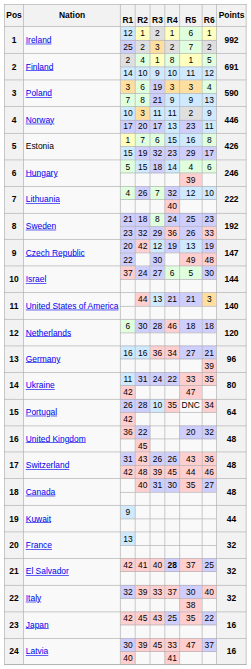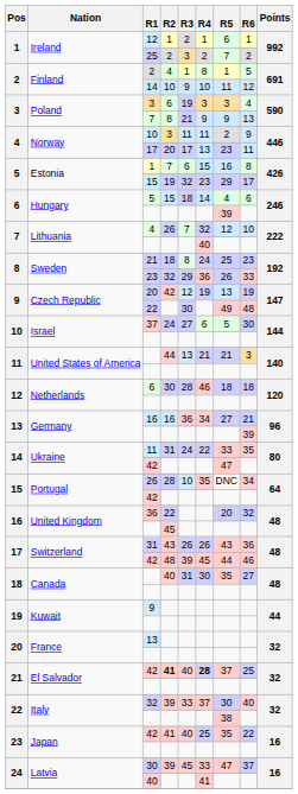 <table class="wikitable" style="font-size:85%;text-align:center">
 <tr>
 <th>Pos</th>
 <th>Nation</th>
 <th><br>R1</th>
 <th><br>R2</th>
 <th><br>R3</th>
 <th><br>R4</th>
 <th><br>R5</th>
 <th><br>R6</th>
 <th>Points</th>
 </tr>
 <tr>
 <th rowspan="2">1</th>
 <td rowspan="2" align="left"> <a href='#'>Ireland</a></td>
 <td style="background:#cfeaff">12</td>
 <td style="background:#ffffbf;">1</td>
 <td style="background:#dfdfdf;">2</td>
 <td style="background:#ffffbf;">1</td>
 <td style="background:#dfffdf">6</td>
 <td style="background:#ffffbf;">1</td>
 <th rowspan="2">992</th>
 </tr>
 <tr>
 <td style="background:#cfcfff">25</td>
 <td style="background:#dfdfdf;">2</td>
 <td style="background:#ffdf9f;">3</td>
 <td style="background:#dfdfdf;">2</td>
 <td style="background:#dfffdf">7</td>
 <td style="background:#dfdfdf;">2</td>
 </tr>
 <tr>
 <th rowspan="2">2</th>
 <td rowspan="2" align="left"> <a href='#'>Finland</a></td>
 <td style="background:#dfdfdf;">2</td>
 <td style="background:#dfffdf">4</td>
 <td style="background:#ffffbf;">1</td>
 <td style="background:#dfffdf">8</td>
 <td style="background:#ffffbf;">1</td>
 <td style="background:#dfffdf">5</td>
 <th rowspan="2">691</th>
 </tr>
 <tr>
 <td style="background:#cfeaff">14</td>
 <td style="background:#cfeaff">10</td>
 <td style="background:#cfeaff">9</td>
 <td style="background:#cfeaff">10</td>
 <td style="background:#cfeaff">11</td>
 <td style="background:#cfeaff">12</td>
 </tr>
 <tr>
 <th rowspan="2">3</th>
 <td rowspan="2" align="left"> <a href='#'>Poland</a></td>
 <td style="background:#ffdf9f;">3</td>
 <td style="background:#dfffdf">6</td>
 <td style="background:#cfcfff">19</td>
 <td style="background:#ffdf9f;">3</td>
 <td style="background:#ffdf9f;">3</td>
 <td style="background:#dfffdf">4</td>
 <th rowspan="2">590</th>
 </tr>
 <tr>
 <td style="background:#dfffdf">7</td>
 <td style="background:#dfffdf">8</td>
 <td style="background:#cfcfff">21</td>
 <td style="background:#cfeaff">9</td>
 <td style="background:#cfeaff">9</td>
 <td style="background:#cfeaff">13</td>
 </tr>
 <tr>
 <th rowspan="2">4</th>
 <td rowspan="2" align="left"> <a href='#'>Norway</a></td>
 <td style="background:#cfeaff">10</td>
 <td style="background:#ffdf9f;">3</td>
 <td style="background:#cfeaff">11</td>
 <td style="background:#cfeaff">11</td>
 <td style="background:#dfdfdf;">2</td>
 <td style="background:#cfeaff">9</td>
 <th rowspan="2">446</th>
 </tr>
 <tr>
 <td style="background:#cfcfff">17</td>
 <td style="background:#cfcfff">20</td>
 <td style="background:#cfcfff">17</td>
 <td style="background:#cfeaff">13</td>
 <td style="background:#cfcfff">23</td>
 <td style="background:#cfeaff">11</td>
 </tr>
 <tr>
 <th rowspan="2">5</th>
 <td rowspan="2" align="left"> Estonia</td>
 <td style="background:#ffffbf;">1</td>
 <td style="background:#dfffdf">7</td>
 <td style="background:#dfffdf">6</td>
 <td style="background:#cfeaff">15</td>
 <td style="background:#cfeaff">16</td>
 <td style="background:#dfffdf">8</td>
 <th rowspan="2">426</th>
 </tr>
 <tr>
 <td style="background:#cfeaff">15</td>
 <td style="background:#cfcfff">19</td>
 <td style="background:#cfcfff">32</td>
 <td style="background:#cfcfff">23</td>
 <td style="background:#cfcfff">29</td>
 <td style="background:#cfcfff">17</td>
 </tr>
 <tr>
 <th rowspan="2">6</th>
 <td rowspan="2" align="left"> <a href='#'>Hungary</a></td>
 <td style="background:#dfffdf">5</td>
 <td style="background:#cfeaff">15</td>
 <td style="background:#cfcfff">18</td>
 <td style="background:#cfeaff">14</td>
 <td style="background:#dfffdf">4</td>
 <td style="background:#dfffdf">6</td>
 <th rowspan="2">246</th>
 </tr>
 <tr>
 <td> </td>
 <td> </td>
 <td> </td>
 <td> </td>
 <td style="background:#ffcfcf;">39</td>
 <td> </td>
 </tr>
 <tr>
 <th rowspan="2">7</th>
 <td rowspan="2" align="left"> <a href='#'>Lithuania</a></td>
 <td style="background:#dfffdf">4</td>
 <td style="background:#cfcfff">26</td>
 <td style="background:#dfffdf">7</td>
 <td style="background:#cfcfff">32</td>
 <td style="background:#cfeaff">12</td>
 <td style="background:#cfeaff">10</td>
 <th rowspan="2">222</th>
 </tr>
 <tr>
 <td> </td>
 <td> </td>
 <td> </td>
 <td style="background:#ffcfcf;">40</td>
 <td> </td>
 <td> </td>
 </tr>
 <tr>
 <th rowspan="2">8</th>
 <td rowspan="2" align="left"> <a href='#'>Sweden</a></td>
 <td style="background:#cfcfff">21</td>
 <td style="background:#cfcfff">18</td>
 <td style="background:#dfffdf">8</td>
 <td style="background:#cfcfff">24</td>
 <td style="background:#cfcfff">25</td>
 <td style="background:#cfcfff">23</td>
 <th rowspan="2">192</th>
 </tr>
 <tr>
 <td style="background:#cfcfff">23</td>
 <td style="background:#cfcfff">32</td>
 <td style="background:#cfcfff">29</td>
 <td style="background:#ffcfcf;">36</td>
 <td style="background:#cfcfff">26</td>
 <td style="background:#ffcfcf;">33</td>
 </tr>
 <tr>
 <th rowspan="2">9</th>
 <td rowspan="2" align="left"> <a href='#'>Czech Republic</a></td>
 <td style="background:#cfcfff">20</td>
 <td style="background:#ffcfcf;">42</td>
 <td style="background:#cfeaff">12</td>
 <td style="background:#cfcfff">19</td>
 <td style="background:#cfeaff">13</td>
 <td style="background:#cfcfff">19</td>
 <th rowspan="2">147</th>
 </tr>
 <tr>
 <td style="background:#cfcfff">22</td>
 <td> </td>
 <td style="background:#cfcfff">30</td>
 <td> </td>
 <td style="background:#ffcfcf;">49</td>
 <td style="background:#ffcfcf;">48</td>
 </tr>
 <tr>
 <th rowspan="2">10</th>
 <td rowspan="2" align="left"> <a href='#'>Israel</a></td>
 <td style="background:#ffcfcf;">37</td>
 <td style="background:#cfcfff">24</td>
 <td style="background:#cfcfff">27</td>
 <td style="background:#dfffdf">6</td>
 <td style="background:#dfffdf">5</td>
 <td style="background:#cfcfff">30</td>
 <th rowspan="2">144</th>
 </tr>
 <tr>
 <td> </td>
 <td> </td>
 <td> </td>
 <td> </td>
 <td> </td>
 <td> </td>
 </tr>
 <tr>
 <th rowspan="2">11</th>
 <td rowspan="2" align="left"> <a href='#'>United States of America</a></td>
 <td> </td>
 <td style="background:#ffcfcf;">44</td>
 <td style="background:#cfeaff">13</td>
 <td style="background:#cfcfff">21</td>
 <td style="background:#cfcfff">21</td>
 <td style="background:#ffdf9f;">3</td>
 <th rowspan="2">140</th>
 </tr>
 <tr>
 <td> </td>
 <td> </td>
 <td> </td>
 <td> </td>
 <td> </td>
 <td> </td>
 </tr>
 <tr>
 <th rowspan="2">12</th>
 <td rowspan="2" align="left"> <a href='#'>Netherlands</a></td>
 <td style="background:#dfffdf">6</td>
 <td style="background:#cfcfff">30</td>
 <td style="background:#cfcfff">28</td>
 <td style="background:#ffcfcf;">46</td>
 <td style="background:#cfcfff">18</td>
 <td style="background:#cfcfff">18</td>
 <th rowspan="2">120</th>
 </tr>
 <tr>
 <td> </td>
 <td> </td>
 <td> </td>
 <td> </td>
 <td> </td>
 <td> </td>
 </tr>
 <tr>
 <th rowspan="2">13</th>
 <td rowspan="2" align="left"> <a href='#'>Germany</a></td>
 <td style="background:#cfeaff">16</td>
 <td style="background:#cfeaff">16</td>
 <td style="background:#ffcfcf;">36</td>
 <td style="background:#ffcfcf;">34</td>
 <td style="background:#cfcfff">27</td>
 <td style="background:#cfcfff">21</td>
 <th rowspan="2">96</th>
 </tr>
 <tr>
 <td> </td>
 <td> </td>
 <td> </td>
 <td> </td>
 <td> </td>
 <td style="background:#ffcfcf;">39</td>
 </tr>
 <tr>
 <th rowspan="2">14</th>
 <td rowspan="2" align="left"> <a href='#'>Ukraine</a></td>
 <td style="background:#cfeaff">11</td>
 <td style="background:#cfcfff">31</td>
 <td style="background:#cfcfff">24</td>
 <td style="background:#cfcfff">22</td>
 <td style="background:#ffcfcf;">33</td>
 <td style="background:#ffcfcf;">35</td>
 <th rowspan="2">80</th>
 </tr>
 <tr>
 <td style="background:#ffcfcf;">42</td>
 <td> </td>
 <td> </td>
 <td> </td>
 <td style="background:#ffcfcf;">47</td>
 <td> </td>
 </tr>
 <tr>
 <th rowspan="2">15</th>
 <td rowspan="2" align="left"> <a href='#'>Portugal</a></td>
 <td style="background:#cfcfff">26</td>
 <td style="background:#cfcfff">28</td>
 <td style="background:#cfeaff">10</td>
 <td style="background:#ffcfcf;">35</td>
 <td>DNC</td>
 <td style="background:#ffcfcf;">34</td>
 <th rowspan="2">64</th>
 </tr>
 <tr>
 <td style="background:#ffcfcf;">42</td>
 <td> </td>
 <td> </td>
 <td> </td>
 <td> </td>
 <td> </td>
 </tr>
 <tr>
 <th rowspan="2">16</th>
 <td rowspan="2" align="left"> <a href='#'>United Kingdom</a></td>
 <td style="background:#ffcfcf;">36</td>
 <td style="background:#cfcfff">22</td>
 <td> </td>
 <td> </td>
 <td style="background:#cfcfff">20</td>
 <td style="background:#cfcfff">32</td>
 <th rowspan="2">48</th>
 </tr>
 <tr>
 <td> </td>
 <td style="background:#ffcfcf;">45</td>
 <td> </td>
 <td> </td>
 <td> </td>
 <td> </td>
 </tr>
 <tr>
 <th rowspan="2">17</th>
 <td rowspan="2" align="left"> <a href='#'>Switzerland</a></td>
 <td style="background:#cfcfff">31</td>
 <td style="background:#ffcfcf;">43</td>
 <td style="background:#cfcfff">26</td>
 <td style="background:#cfcfff">26</td>
 <td style="background:#ffcfcf;">43</td>
 <td style="background:#ffcfcf;">36</td>
 <th rowspan="2">48</th>
 </tr>
 <tr>
 <td style="background:#ffcfcf;">42</td>
 <td style="background:#ffcfcf;">48</td>
 <td style="background:#ffcfcf;">39</td>
 <td style="background:#ffcfcf;">45</td>
 <td style="background:#ffcfcf;">44</td>
 <td style="background:#ffcfcf;">46</td>
 </tr>
 <tr>
 <th rowspan="2">18</th>
 <td rowspan="2" align="left"> <a href='#'>Canada</a></td>
 <td> </td>
 <td style="background:#ffcfcf;">40</td>
 <td style="background:#cfcfff">31</td>
 <td style="background:#cfcfff">30</td>
 <td style="background:#ffcfcf;">35</td>
 <td style="background:#cfcfff">27</td>
 <th rowspan="2">48</th>
 </tr>
 <tr>
 <td> </td>
 <td> </td>
 <td> </td>
 <td> </td>
 <td> </td>
 <td> </td>
 </tr>
 <tr>
 <th rowspan="2">19</th>
 <td rowspan="2" align="left"> <a href='#'>Kuwait</a></td>
 <td style="background:#cfeaff">9</td>
 <td> </td>
 <td> </td>
 <td> </td>
 <td> </td>
 <td> </td>
 <th rowspan="2">44</th>
 </tr>
 <tr>
 <td> </td>
 <td> </td>
 <td> </td>
 <td> </td>
 <td> </td>
 <td> </td>
 </tr>
 <tr>
 <th rowspan="2">20</th>
 <td rowspan="2" align="left"> <a href='#'>France</a></td>
 <td style="background:#cfeaff">13</td>
 <td> </td>
 <td> </td>
 <td> </td>
 <td> </td>
 <td> </td>
 <th rowspan="2">32</th>
 </tr>
 <tr>
 <td> </td>
 <td> </td>
 <td> </td>
 <td> </td>
 <td> </td>
 <td> </td>
 </tr>
 <tr>
 <th rowspan="2">21</th>
 <td rowspan="2" align="left"> <a href='#'>El Salvador</a></td>
 <td style="background:#ffcfcf;">42</td>
-<td style="background:#ffcfcf;">41</td>
+<td style="background:#ffcfcf;"><strong>41</strong></td>
 <td style="background:#ffcfcf;">40</td>
 <td style="background:#cfcfff"><strong>28</strong></td>
 <td style="background:#ffcfcf;">37</td>
 <td style="background:#cfcfff">25</td>
 <th rowspan="2">32</th>
 </tr>
 <tr>
 <td> </td>
 <td> </td>
 <td> </td>
 <td> </td>
 <td> </td>
 <td> </td>
 </tr>
 <tr>
 <th rowspan="2">22</th>
 <td rowspan="2" align="left"> <a href='#'>Italy</a></td>
 <td style="background:#cfcfff">32</td>
 <td style="background:#ffcfcf;">39</td>
 <td style="background:#ffcfcf;">33</td>
 <td style="background:#ffcfcf;">37</td>
 <td style="background:#cfcfff">30</td>
 <td style="background:#ffcfcf;">40</td>
 <th rowspan="2">32</th>
 </tr>
 <tr>
 <td> </td>
 <td> </td>
 <td> </td>
 <td> </td>
 <td style="background:#ffcfcf;">38</td>
 <td> </td>
 </tr>
 <tr>
 <th rowspan="2">23</th>
 <td rowspan="2" align="left"> <a href='#'>Japan</a></td>
 <td style="background:#ffcfcf;">42</td>
-<td style="background:#ffcfcf;">45</td>
-<td style="background:#ffcfcf;">43</td>
+<td style="background:#ffcfcf;">41</td>
+<td style="background:#ffcfcf;">40</td>
 <td style="background:#cfcfff">25</td>
 <td style="background:#ffcfcf;">35</td>
 <td style="background:#cfcfff">22</td>
 <th rowspan="2">16</th>
 </tr>
 <tr>
 <td> </td>
 <td> </td>
 <td> </td>
 <td> </td>
 <td> </td>
 <td> </td>
 </tr>
 <tr>
 <th rowspan="2">24</th>
 <td rowspan="2" align="left"> <a href='#'>Latvia</a></td>
 <td style="background:#cfcfff">30</td>
 <td style="background:#ffcfcf;">39</td>
 <td style="background:#ffcfcf;">45</td>
 <td style="background:#ffcfcf;">33</td>
 <td style="background:#ffcfcf;">47</td>
 <td style="background:#cfcfff">37</td>
 <th rowspan="2">16</th>
 </tr>
 <tr>
 <td style="background:#ffcfcf;">40</td>
 <td> </td>
 <td> </td>
 <td style="background:#ffcfcf;">41</td>
 <td> </td>
 <td> </td>
 </tr>
 <tr>
 </tr>
 </table>
